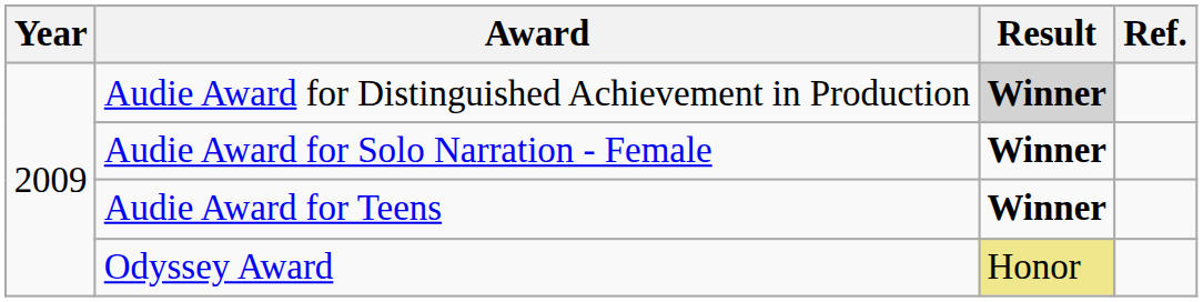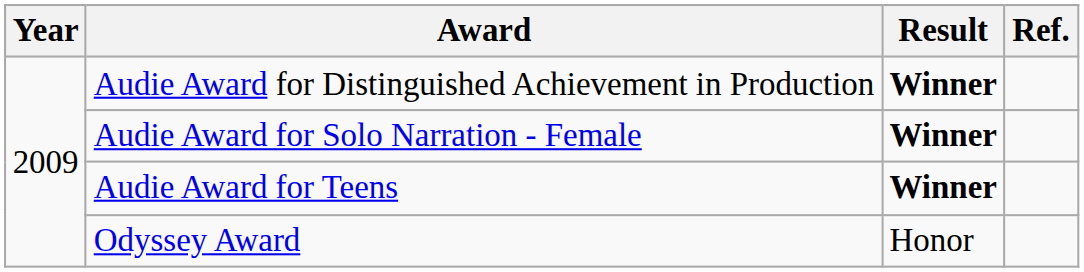 <table class="wikitable">
 <tr>
 <th>Year</th>
 <th>Award</th>
 <th>Result</th>
 <th>Ref.</th>
 </tr>
 <tr>
 <td rowspan="4">2009</td>
 <td><a href='#'>Audie Award</a> for Distinguished Achievement in Production</td>
-<td style="background: lightgrey;"><strong>Winner</strong></td>
+<td><strong>Winner</strong></td>
 <td></td>
 </tr>
 <tr>
 <td><a href='#'>Audie Award for Solo Narration - Female</a></td>
 <td><strong>Winner</strong></td>
 <td></td>
 </tr>
 <tr>
 <td><a href='#'>Audie Award for Teens</a></td>
 <td><strong>Winner</strong></td>
 <td></td>
 </tr>
 <tr>
 <td><a href='#'>Odyssey Award</a></td>
-<td style="background: khaki;">Honor</td>
+<td>Honor</td>
 <td></td>
 </tr>
 </table>
